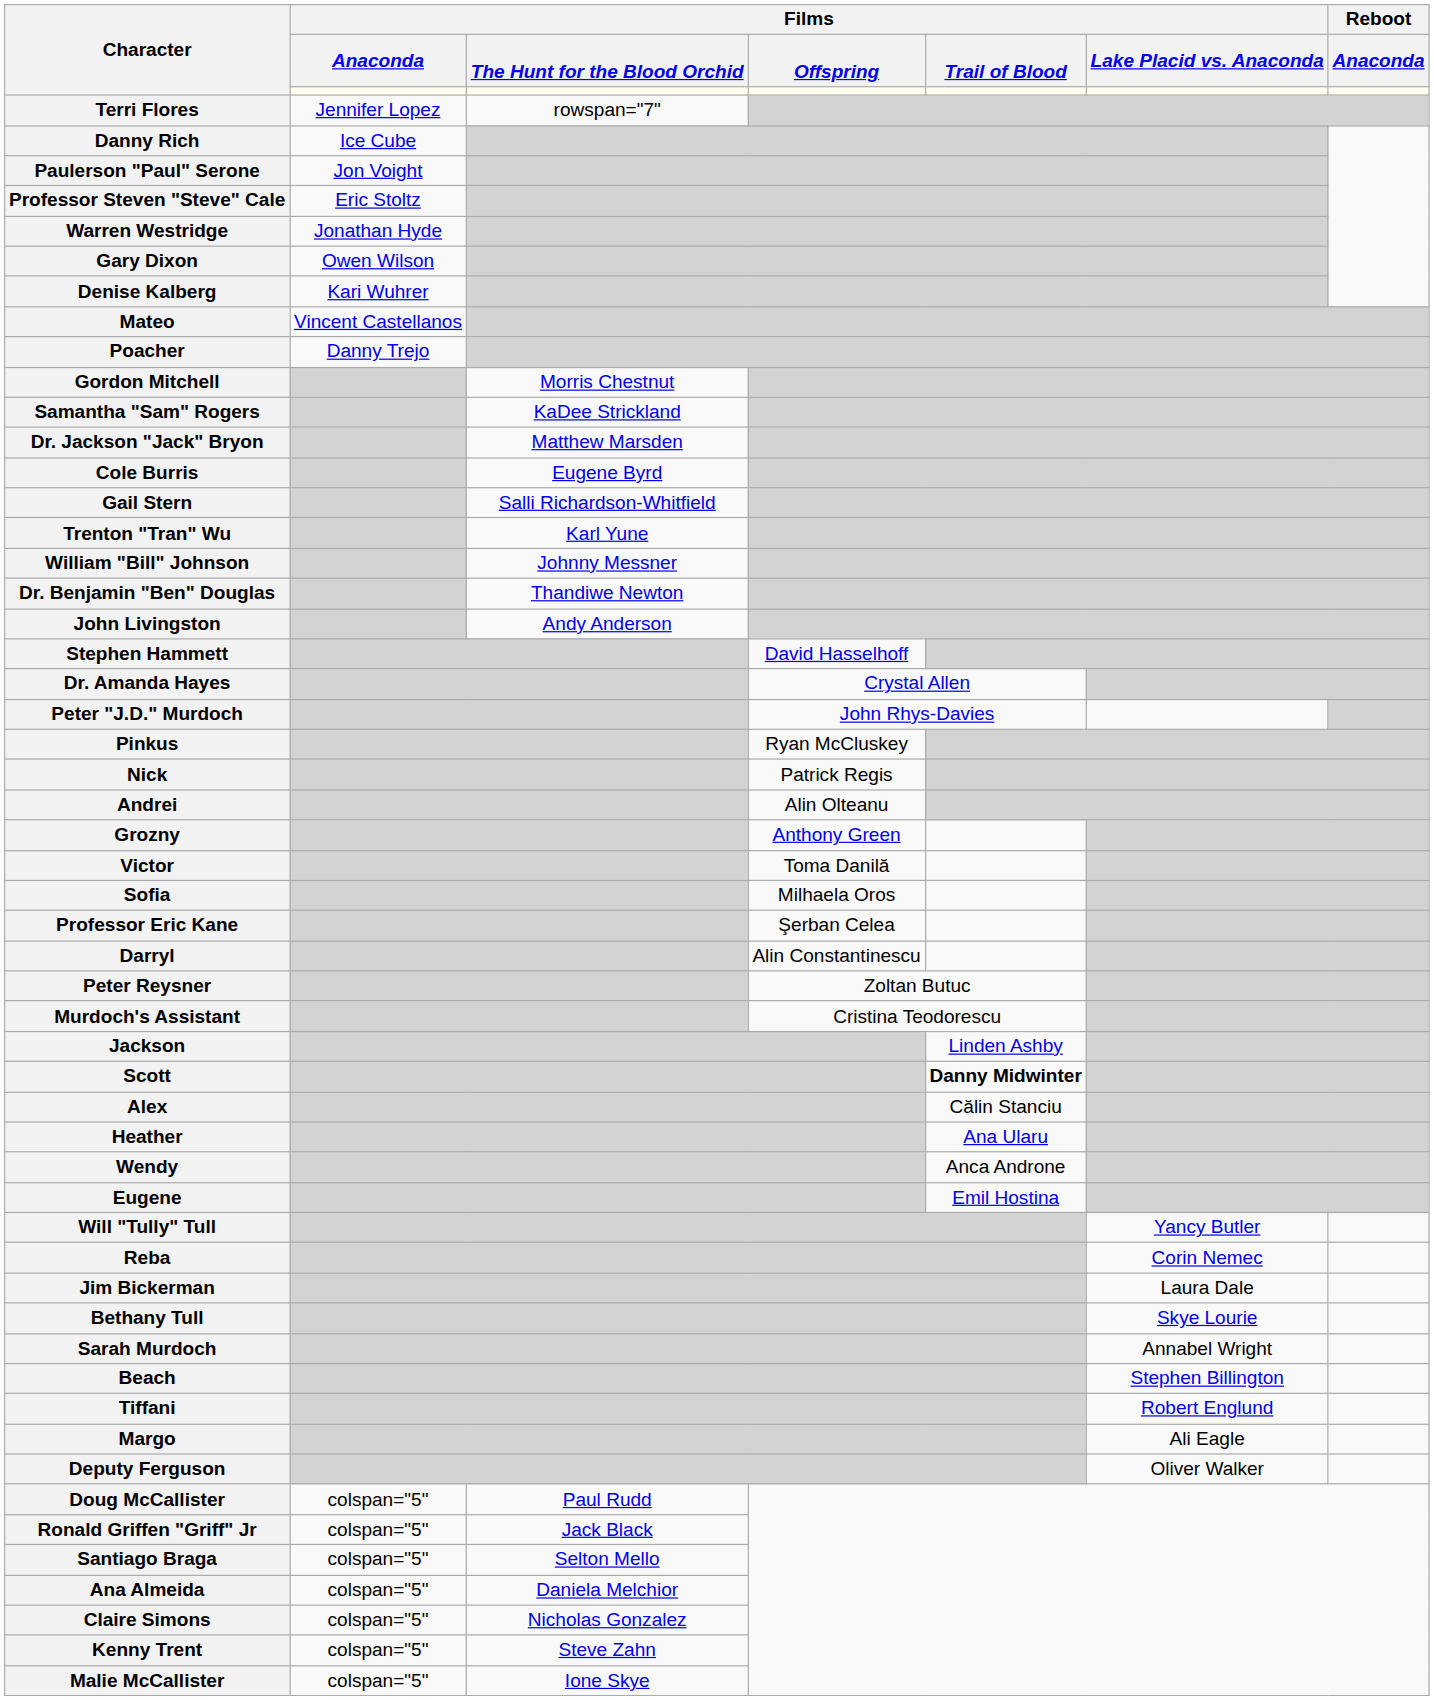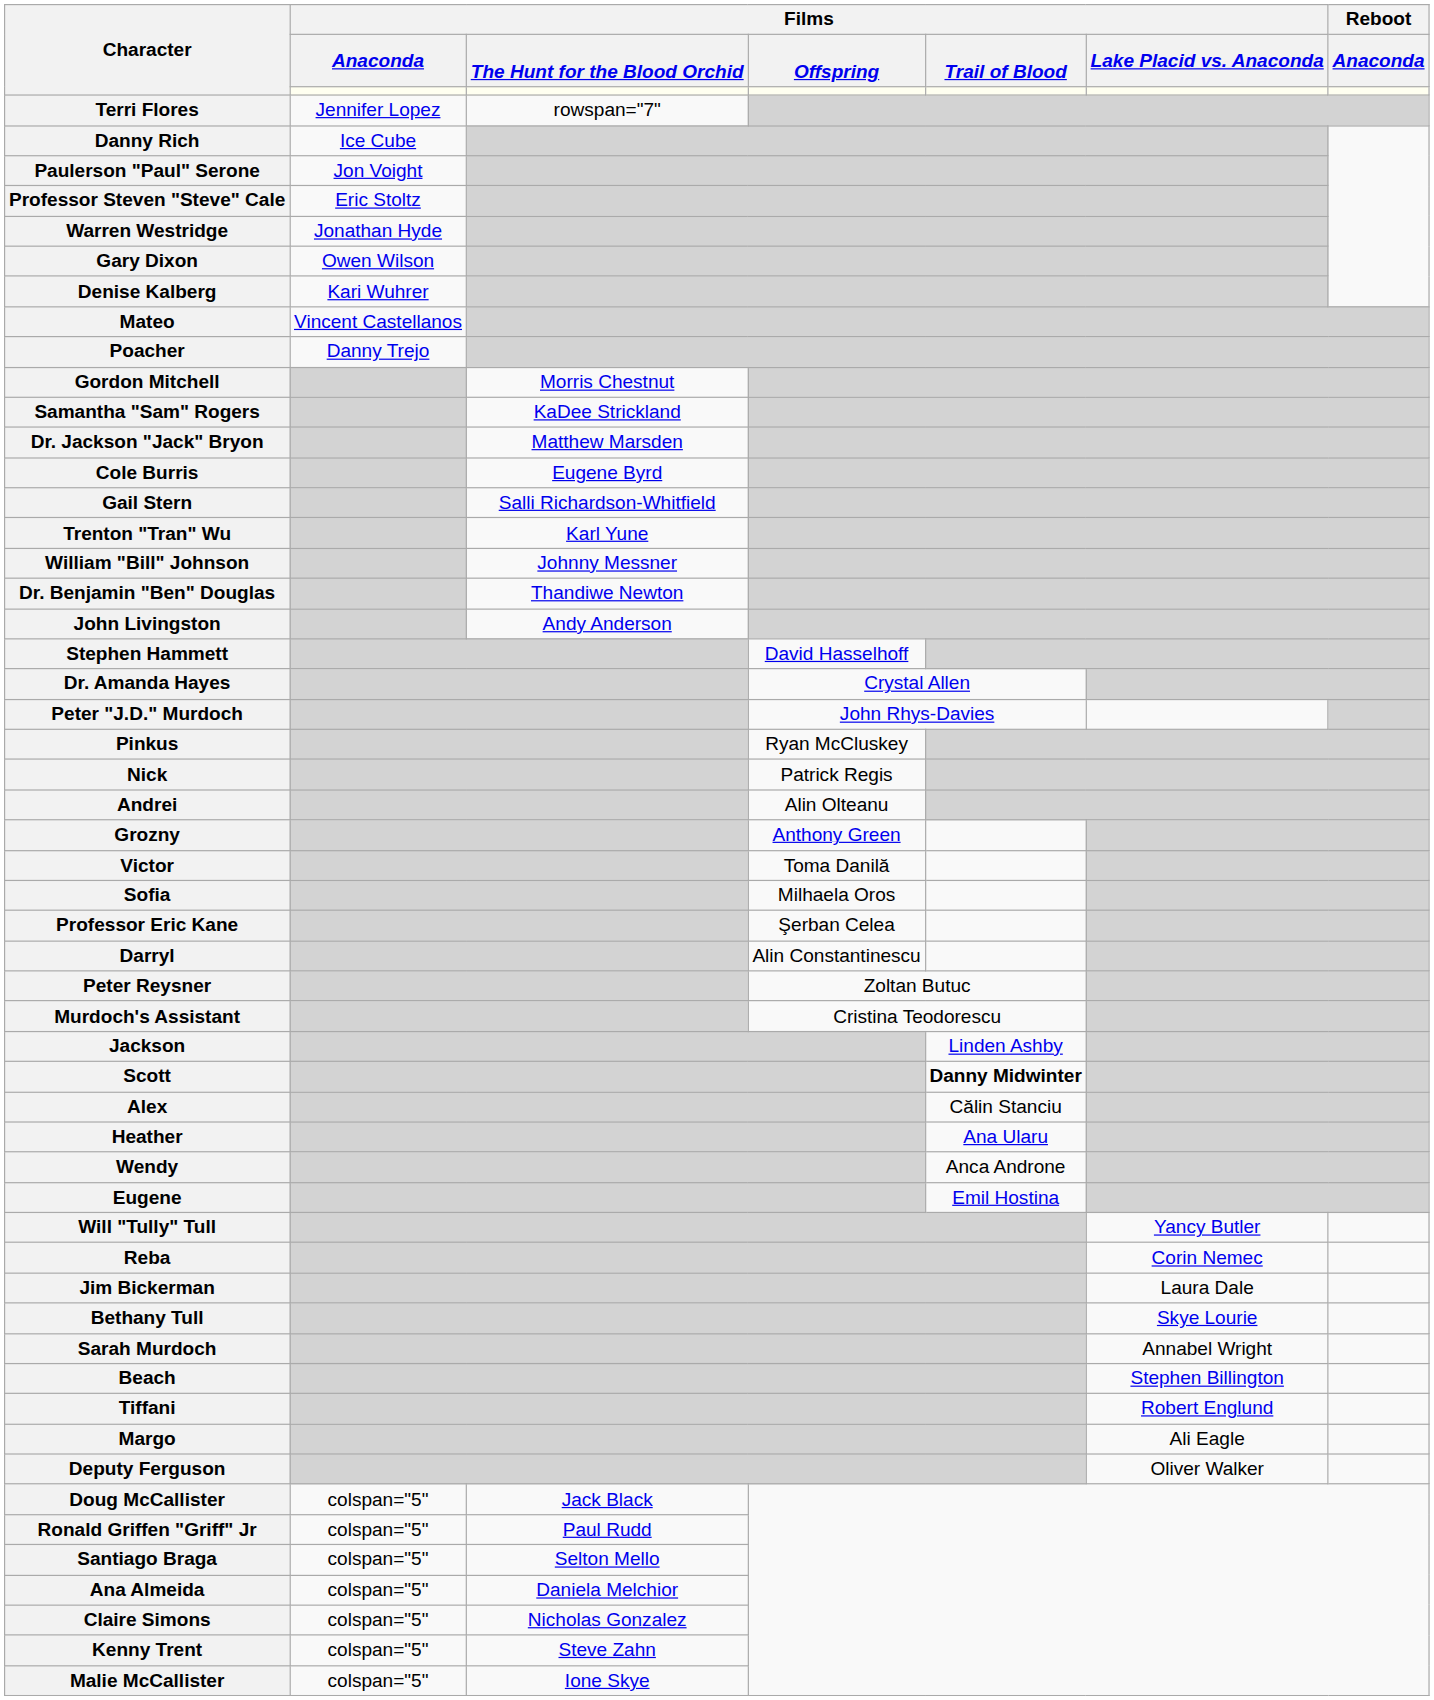 <table class="wikitable" style="text-align:center;">
 <tr>
 <th rowspan="3">Character</th>
 <th colspan="5" style="text-align:center;">Films</th>
 <th>Reboot</th>
 </tr>
 <tr>
 <th style="text-align:center;"><em><a href='#'>Anaconda</a></em></th>
 <th style="text-align:center;"><em><a href='#'><br>The Hunt for the Blood Orchid</a></em></th>
 <th style="text-align:center;"><em><a href='#'><br> Offspring</a></em></th>
 <th style="text-align:center;"><em><a href='#'><br>Trail of Blood</a></em></th>
 <th style="text-align:center;"><em><a href='#'>Lake Placid vs. Anaconda</a></em></th>
 <th style="text-align:center;"><em><a href='#'>Anaconda</a></em></th>
 </tr>
 <tr>
 <th style="background:ivory;"></th>
 <th style="background:ivory;"></th>
 <th style="background:ivory;"></th>
 <th style="background:ivory;"></th>
 <th style="background:ivory;"></th>
 <th style="background:ivory;"></th>
 </tr>
 <tr>
 <th>Terri Flores</th>
 <td><a href='#'>Jennifer Lopez</a></td>
 <td>rowspan="7" </td>
 <td colspan="4" style="background:lightgrey;"> </td>
 </tr>
 <tr>
 <th>Danny Rich</th>
 <td><a href='#'>Ice Cube</a></td>
 <td colspan="4" style="background:lightgrey;"> </td>
 </tr>
 <tr>
 <th>Paulerson "Paul" Serone</th>
 <td><a href='#'>Jon Voight</a></td>
 <td colspan="4" style="background:lightgrey;"> </td>
 </tr>
 <tr>
 <th>Professor Steven "Steve" Cale</th>
 <td><a href='#'>Eric Stoltz</a></td>
 <td colspan="4" style="background:lightgrey;"> </td>
 </tr>
 <tr>
 <th>Warren Westridge</th>
 <td><a href='#'>Jonathan Hyde</a></td>
 <td colspan="4" style="background:lightgrey;"> </td>
 </tr>
 <tr>
 <th>Gary Dixon</th>
 <td><a href='#'>Owen Wilson</a></td>
 <td colspan="4" style="background:lightgrey;"> </td>
 </tr>
 <tr>
 <th>Denise Kalberg</th>
 <td><a href='#'>Kari Wuhrer</a></td>
 <td colspan="4" style="background:lightgrey;"> </td>
 </tr>
 <tr>
 <th>Mateo</th>
 <td><a href='#'>Vincent Castellanos</a></td>
 <td colspan="5" style="background:lightgrey;"> </td>
 </tr>
 <tr>
 <th>Poacher</th>
 <td><a href='#'>Danny Trejo</a></td>
 <td colspan="5" style="background:lightgrey;"> </td>
 </tr>
 <tr>
 <th>Gordon Mitchell</th>
 <td style="background:lightgrey;"> </td>
 <td><a href='#'>Morris Chestnut</a></td>
 <td colspan="4" style="background:lightgrey;"> </td>
 </tr>
 <tr>
 <th>Samantha "Sam" Rogers</th>
 <td style="background:lightgrey;"> </td>
 <td><a href='#'>KaDee Strickland</a></td>
 <td colspan="4" style="background:lightgrey;"> </td>
 </tr>
 <tr>
 <th>Dr. Jackson "Jack" Bryon</th>
 <td style="background:lightgrey;"> </td>
 <td><a href='#'>Matthew Marsden</a></td>
 <td colspan="4" style="background:lightgrey;"> </td>
 </tr>
 <tr>
 <th>Cole Burris</th>
 <td style="background:lightgrey;"> </td>
 <td><a href='#'>Eugene Byrd</a></td>
 <td colspan="4" style="background:lightgrey;"> </td>
 </tr>
 <tr>
 <th>Gail Stern</th>
 <td style="background:lightgrey;"> </td>
 <td><a href='#'>Salli Richardson-Whitfield</a></td>
 <td colspan="4" style="background:lightgrey;"> </td>
 </tr>
 <tr>
 <th>Trenton "Tran" Wu</th>
 <td style="background:lightgrey;"> </td>
 <td><a href='#'>Karl Yune</a></td>
 <td colspan="4" style="background:lightgrey;"> </td>
 </tr>
 <tr>
 <th>William "Bill" Johnson</th>
 <td style="background:lightgrey;"> </td>
 <td><a href='#'>Johnny Messner</a></td>
 <td colspan="4" style="background:lightgrey;"> </td>
 </tr>
 <tr>
 <th>Dr. Benjamin "Ben" Douglas</th>
 <td style="background:lightgrey;"> </td>
 <td><a href='#'>Thandiwe Newton</a></td>
 <td colspan="4" style="background:lightgrey;"> </td>
 </tr>
 <tr>
 <th>John Livingston</th>
 <td style="background:lightgrey;"> </td>
 <td><a href='#'>Andy Anderson</a></td>
 <td colspan="4" style="background:lightgrey;"> </td>
 </tr>
 <tr>
 <th>Stephen Hammett</th>
 <td colspan="2" style="background:lightgrey;"> </td>
 <td><a href='#'>David Hasselhoff</a></td>
 <td colspan="4" style="background:lightgrey;"> </td>
 </tr>
 <tr>
 <th>Dr. Amanda Hayes</th>
 <td colspan="2" style="background:lightgrey;"> </td>
 <td colspan="2"><a href='#'>Crystal Allen</a></td>
 <td colspan="2" style="background:lightgrey;"> </td>
 </tr>
 <tr>
 <th>Peter "J.D." Murdoch</th>
 <td colspan="2" style="background:lightgrey;"> </td>
 <td colspan="2"><a href='#'>John Rhys-Davies</a></td>
 <td></td>
 <td colspan="4" style="background:lightgrey;"> </td>
 </tr>
 <tr>
 <th>Pinkus</th>
 <td colspan="2" style="background:lightgrey;"> </td>
 <td>Ryan McCluskey</td>
 <td colspan="3" style="background:lightgrey;"> </td>
 </tr>
 <tr>
 <th>Nick</th>
 <td colspan="2" style="background:lightgrey;"> </td>
 <td>Patrick Regis</td>
 <td colspan="3" style="background:lightgrey;"> </td>
 </tr>
 <tr>
 <th>Andrei</th>
 <td colspan="2" style="background:lightgrey;"> </td>
 <td>Alin Olteanu</td>
 <td colspan="3" style="background:lightgrey;"> </td>
 </tr>
 <tr>
 <th>Grozny</th>
 <td colspan="2" style="background:lightgrey;"> </td>
 <td><a href='#'>Anthony Green</a></td>
 <td></td>
 <td colspan="2" style="background:lightgrey;"> </td>
 </tr>
 <tr>
 <th>Victor</th>
 <td colspan="2" style="background:lightgrey;"> </td>
 <td>Toma Danilă</td>
 <td></td>
 <td colspan="2" style="background:lightgrey;"> </td>
 </tr>
 <tr>
 <th>Sofia</th>
 <td colspan="2" style="background:lightgrey;"> </td>
 <td>Milhaela Oros</td>
 <td></td>
 <td colspan="2" style="background:lightgrey;"> </td>
 </tr>
 <tr>
 <th>Professor Eric Kane</th>
 <td colspan="2" style="background:lightgrey;"> </td>
 <td>Şerban Celea</td>
 <td></td>
 <td colspan="2" style="background:lightgrey;"> </td>
 </tr>
 <tr>
 <th>Darryl</th>
 <td colspan="2" style="background:lightgrey;"> </td>
 <td>Alin Constantinescu</td>
 <td></td>
 <td colspan="2" style="background:lightgrey;"> </td>
 </tr>
 <tr>
 <th>Peter Reysner</th>
 <td colspan="2" style="background:lightgrey;"> </td>
 <td colspan="2">Zoltan Butuc</td>
 <td colspan="2" style="background:lightgrey;"> </td>
 </tr>
 <tr>
 <th>Murdoch's Assistant</th>
 <td colspan="2" style="background:lightgrey;"> </td>
 <td colspan="2">Cristina Teodorescu</td>
 <td colspan="2" style="background:lightgrey;"> </td>
 </tr>
 <tr>
 <th>Jackson</th>
 <td colspan="3" style="background:lightgrey;"> </td>
 <td><a href='#'>Linden Ashby</a></td>
 <td colspan="2" style="background:lightgrey;"> </td>
 </tr>
 <tr>
 <th>Scott</th>
 <td colspan="3" style="background:lightgrey;"> </td>
 <td><strong>Danny Midwinter</strong></td>
 <td colspan="2" style="background:lightgrey;"> </td>
 </tr>
 <tr>
 <th>Alex</th>
 <td colspan="3" style="background:lightgrey;"> </td>
 <td>Călin Stanciu</td>
 <td colspan="2" style="background:lightgrey;"> </td>
 </tr>
 <tr>
 <th>Heather</th>
 <td colspan="3" style="background:lightgrey;"> </td>
 <td><a href='#'>Ana Ularu</a></td>
 <td colspan="2" style="background:lightgrey;"> </td>
 </tr>
 <tr>
 <th>Wendy</th>
 <td colspan="3" style="background:lightgrey;"> </td>
 <td>Anca Androne</td>
 <td colspan="2" style="background:lightgrey;"> </td>
 </tr>
 <tr>
 <th>Eugene</th>
 <td colspan="3" style="background:lightgrey;"> </td>
 <td><a href='#'>Emil Hostina</a></td>
 <td colspan="2" style="background:lightgrey;"> </td>
 </tr>
 <tr>
 <th>Will "Tully" Tull</th>
 <td colspan="4" style="background:lightgrey;"> </td>
 <td><a href='#'>Yancy Butler</a></td>
 <td></td>
 </tr>
 <tr>
 <th>Reba</th>
 <td colspan="4" style="background:lightgrey;"> </td>
 <td><a href='#'>Corin Nemec</a></td>
 <td></td>
 </tr>
 <tr>
 <th>Jim Bickerman</th>
 <td colspan="4" style="background:lightgrey;"> </td>
 <td>Laura Dale</td>
 <td></td>
 </tr>
 <tr>
 <th>Bethany Tull</th>
 <td colspan="4" style="background:lightgrey;"> </td>
 <td><a href='#'>Skye Lourie</a></td>
 <td></td>
 </tr>
 <tr>
 <th>Sarah Murdoch</th>
 <td colspan="4" style="background:lightgrey;"> </td>
 <td>Annabel Wright</td>
 <td></td>
 </tr>
 <tr>
 <th>Beach</th>
 <td colspan="4" style="background:lightgrey;"> </td>
 <td><a href='#'>Stephen Billington</a></td>
 <td></td>
 </tr>
 <tr>
 <th>Tiffani</th>
 <td colspan="4" style="background:lightgrey;"> </td>
 <td><a href='#'>Robert Englund</a></td>
 <td></td>
 </tr>
 <tr>
 <th>Margo</th>
 <td colspan="4" style="background:lightgrey;"> </td>
 <td>Ali Eagle</td>
 <td></td>
 </tr>
 <tr>
 <th>Deputy Ferguson</th>
 <td colspan="4" style="background:lightgrey;"> </td>
 <td>Oliver Walker</td>
 <td></td>
 </tr>
 <tr>
 <th>Doug McCallister</th>
 <td>colspan="5" </td>
-<td><a href='#'>Paul Rudd</a></td>
+<td><a href='#'>Jack Black</a></td>
 </tr>
 <tr>
 <th>Ronald Griffen "Griff" Jr</th>
 <td>colspan="5" </td>
-<td><a href='#'>Jack Black</a></td>
+<td><a href='#'>Paul Rudd</a></td>
 </tr>
 <tr>
 <th>Santiago Braga</th>
 <td>colspan="5" </td>
 <td><a href='#'>Selton Mello</a></td>
 </tr>
 <tr>
 <th>Ana Almeida</th>
 <td>colspan="5" </td>
 <td><a href='#'>Daniela Melchior</a></td>
 </tr>
 <tr>
 <th>Claire Simons</th>
 <td>colspan="5" </td>
 <td><a href='#'>Nicholas Gonzalez</a></td>
 </tr>
 <tr>
 <th>Kenny Trent</th>
 <td>colspan="5" </td>
 <td><a href='#'>Steve Zahn</a></td>
 </tr>
 <tr>
 <th>Malie McCallister</th>
 <td>colspan="5" </td>
 <td><a href='#'>Ione Skye</a></td>
 </tr>
 <tr>
 </tr>
 </table>
